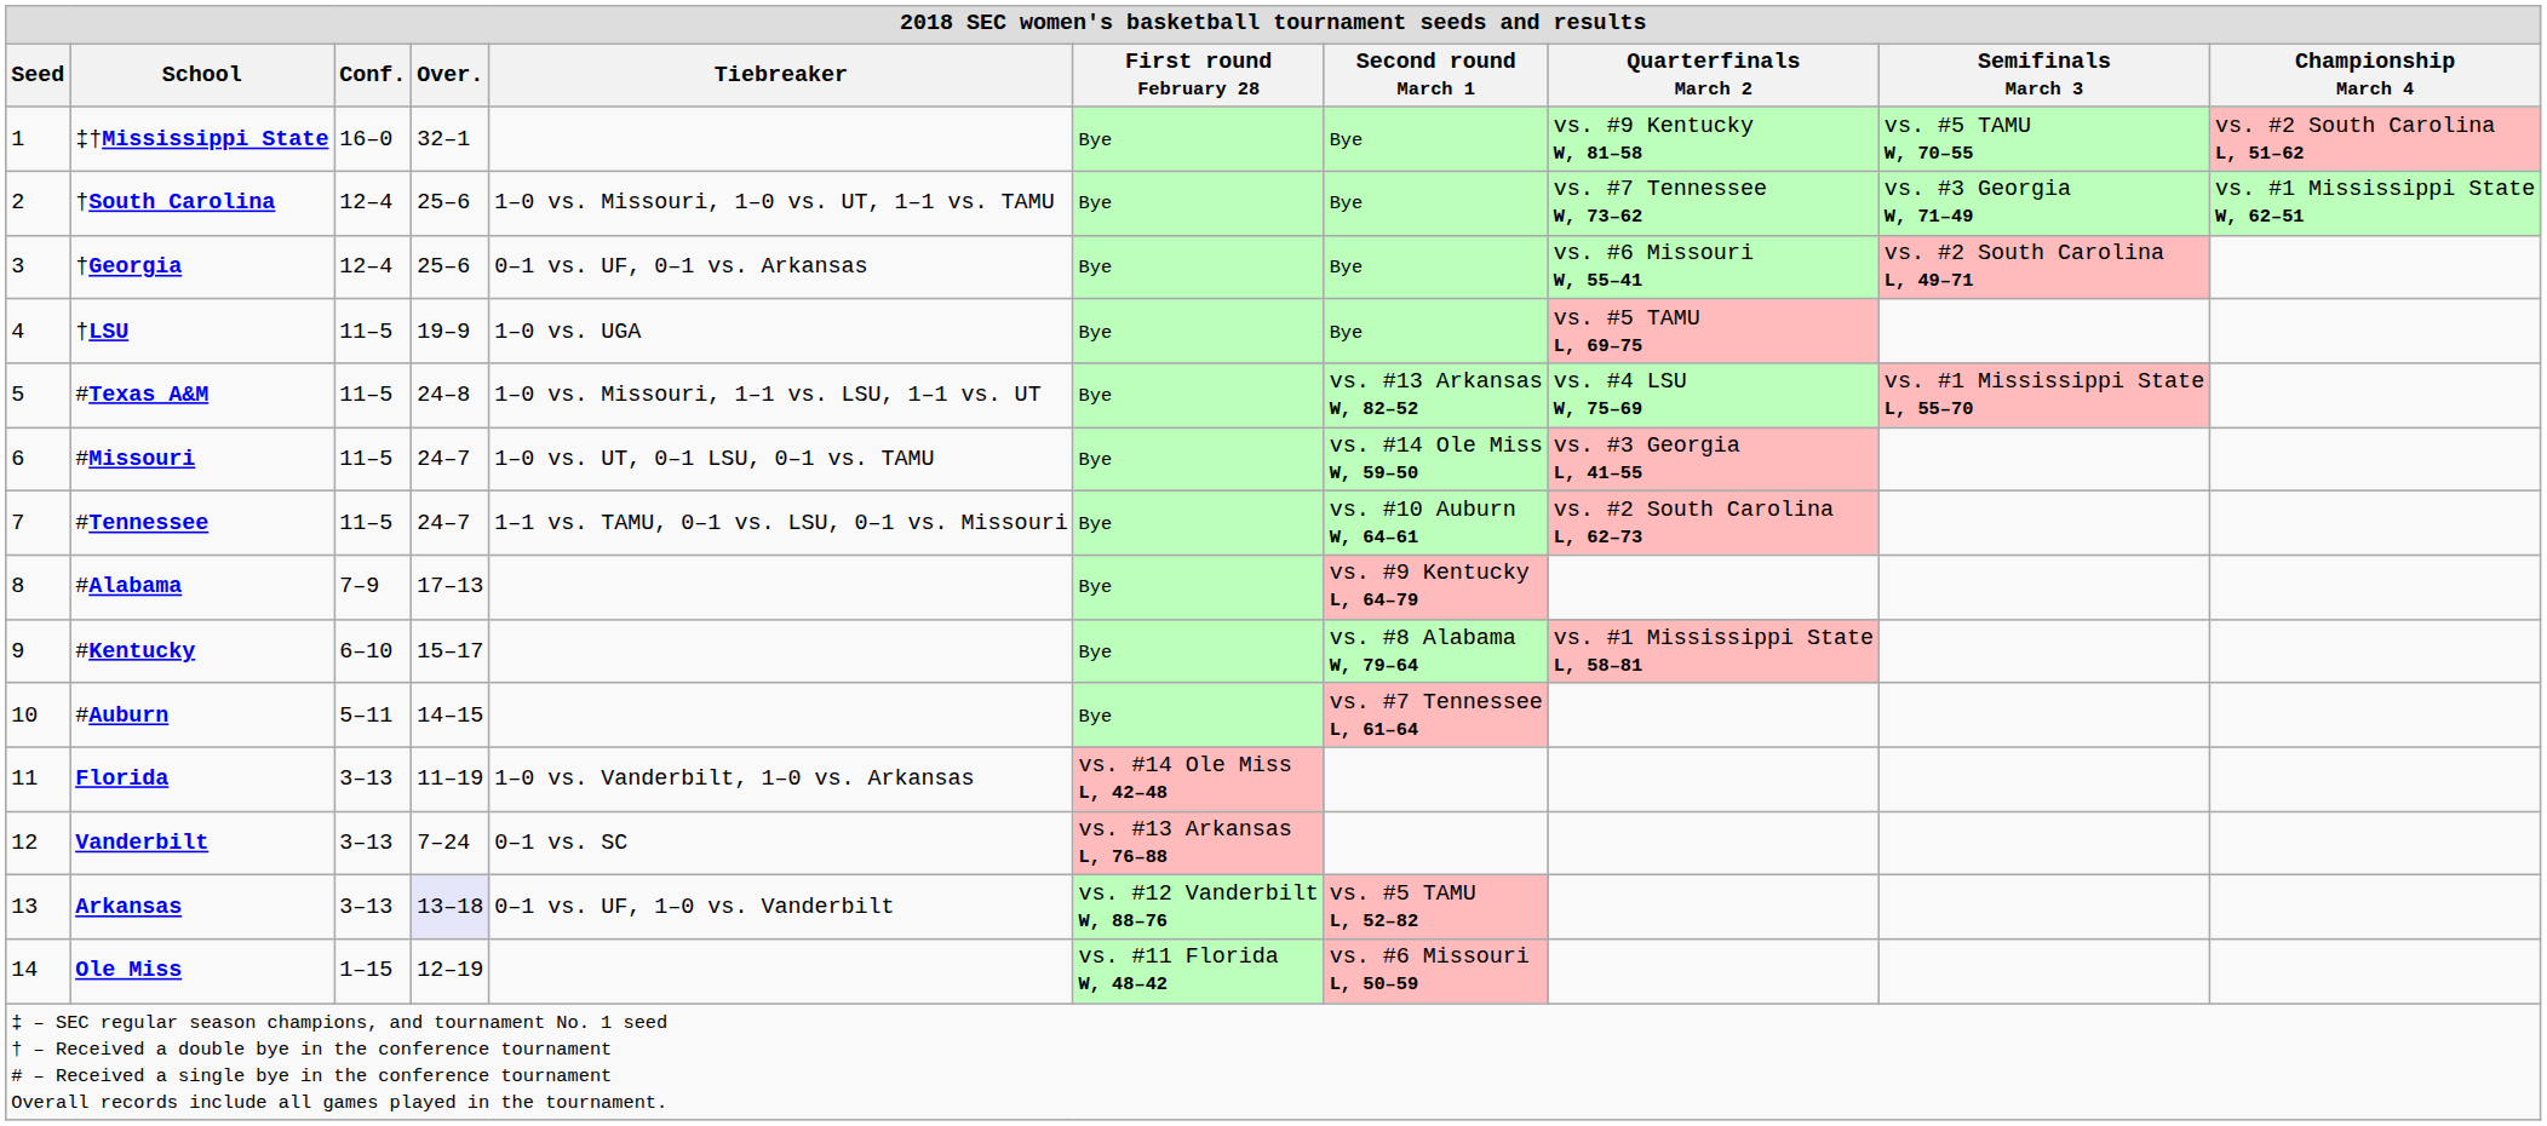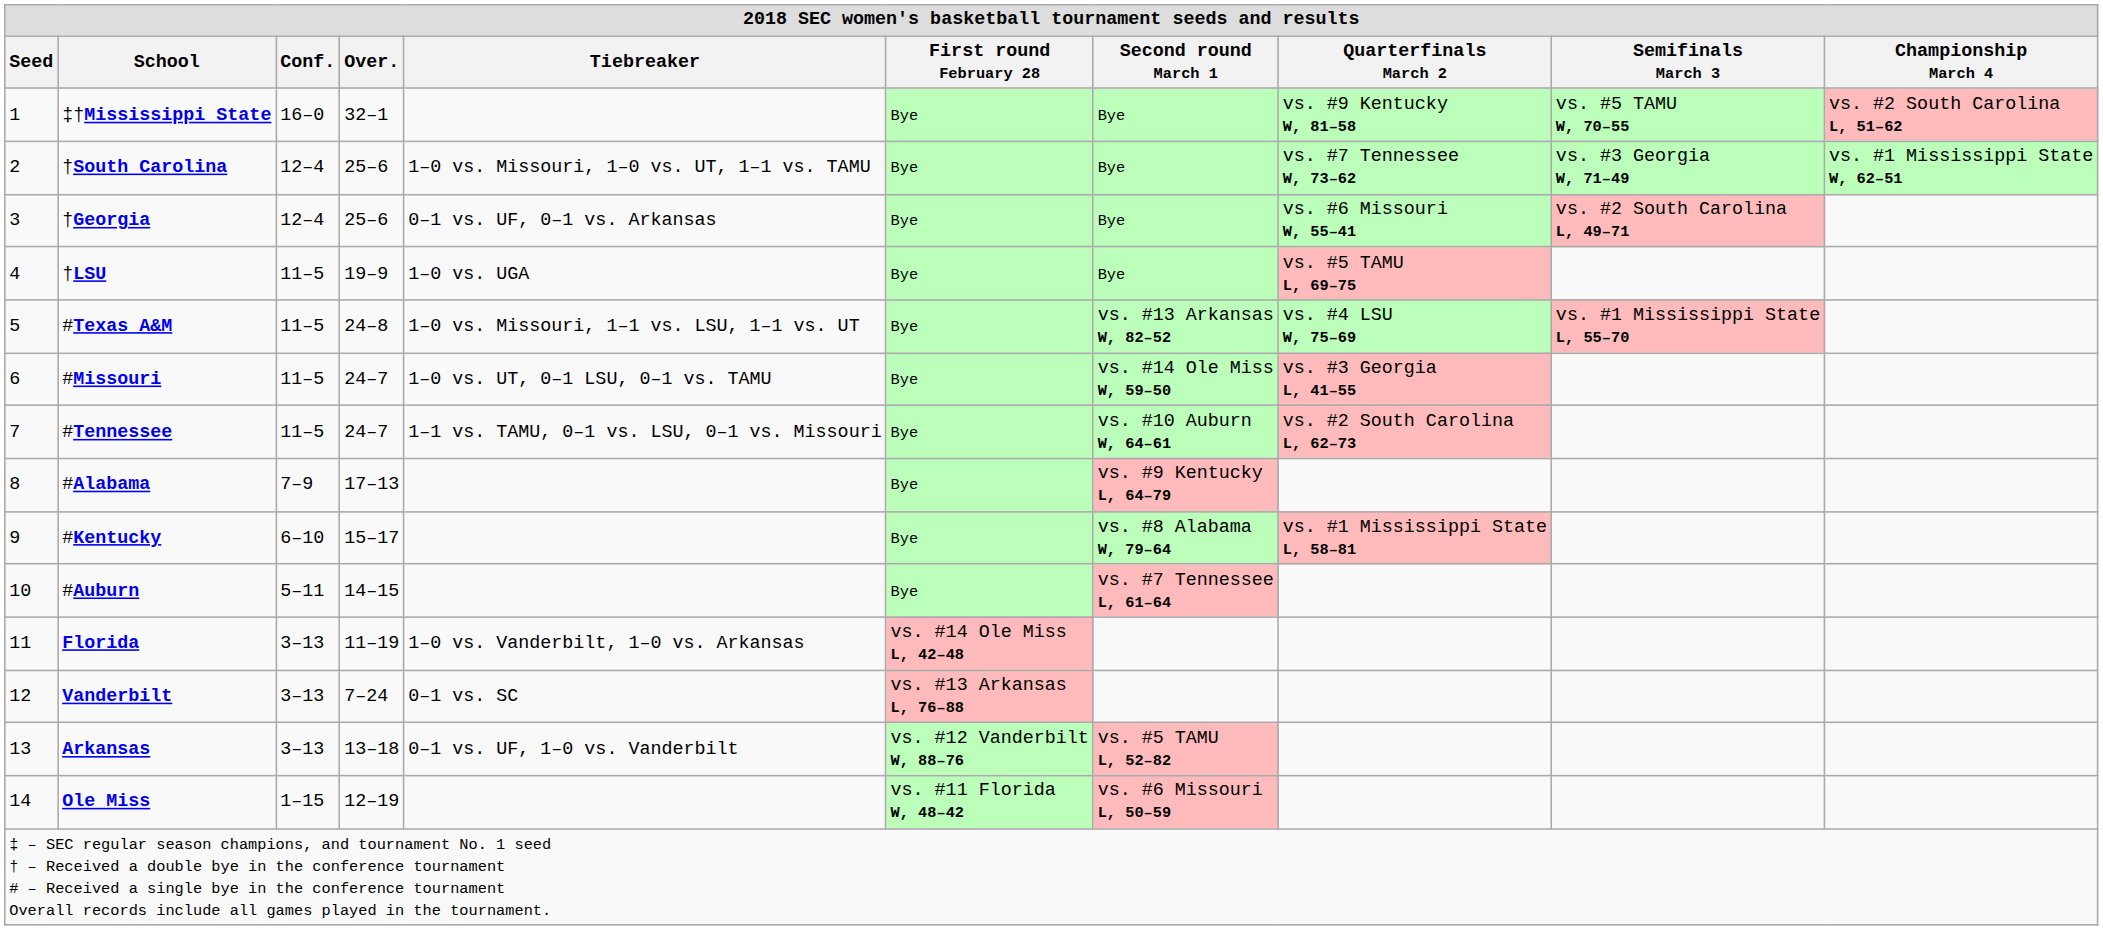 <table class="wikitable" style="white-space:nowrap; font-size:90%;">
 <tr>
 <td colspan="10" style="text-align:center; background:#DDDDDD; font:#000000"><strong>2018 SEC women's basketball tournament seeds and results</strong></td>
 </tr>
 <tr bgcolor="#efefef">
 <th>Seed</th>
 <th>School</th>
 <th>Conf.</th>
 <th>Over.</th>
 <th>Tiebreaker</th>
 <th>First round<br><small>February 28</small></th>
 <th>Second round<br><small>March 1</small></th>
 <th>Quarterfinals<br><small>March 2</small></th>
 <th>Semifinals<br><small>March 3</small></th>
 <th>Championship<br><small>March 4</small></th>
 </tr>
 <tr>
 <td>1</td>
 <td>‡†<strong><a href='#'>Mississippi State</a></strong></td>
 <td>16–0</td>
 <td>32–1</td>
 <td></td>
 <td style="background:#bfb;"><small>Bye</small></td>
 <td style="background:#bfb;"><small>Bye</small></td>
 <td style="background:#bfb;">vs. #9 Kentucky<br><small><strong>W, 81–58</strong></small></td>
 <td style="background:#bfb;">vs. #5 TAMU<br><small><strong>W, 70–55</strong></small></td>
 <td style="background:#fbb;">vs. #2 South Carolina<br><small><strong>L, 51–62</strong></small></td>
 </tr>
 <tr>
 <td>2</td>
 <td>†<strong><a href='#'>South Carolina</a> </strong></td>
 <td>12–4</td>
 <td>25–6</td>
 <td>1–0 vs. Missouri, 1–0 vs. UT, 1–1 vs. TAMU</td>
 <td style="background:#bfb;"><small>Bye</small></td>
 <td style="background:#bfb;"><small>Bye</small></td>
 <td style="background:#bfb;">vs. #7 Tennessee<br><small><strong>W, 73–62</strong></small></td>
 <td style="background:#bfb;">vs. #3 Georgia<br><small><strong>W, 71–49</strong></small></td>
 <td style="background:#bfb;">vs. #1 Mississippi State<br><small><strong>W, 62–51</strong></small></td>
 </tr>
 <tr>
 <td>3</td>
 <td>†<strong><a href='#'>Georgia</a></strong></td>
 <td>12–4</td>
 <td>25–6</td>
 <td>0–1 vs. UF, 0–1 vs. Arkansas</td>
 <td style="background:#bfb;"><small>Bye</small></td>
 <td style="background:#bfb;"><small>Bye</small></td>
 <td style="background:#bfb;">vs. #6 Missouri<br><small><strong>W, 55–41</strong></small></td>
 <td style="background:#fbb;">vs. #2 South Carolina<br><small><strong>L, 49–71</strong></small></td>
 <td></td>
 </tr>
 <tr>
 <td>4</td>
 <td>†<strong><a href='#'>LSU</a></strong></td>
 <td>11–5</td>
 <td>19–9</td>
 <td>1–0 vs. UGA</td>
 <td style="background:#bfb;"><small>Bye</small></td>
 <td style="background:#bfb;"><small>Bye</small></td>
 <td style="background:#fbb;">vs. #5 TAMU<br><small><strong>L, 69–75</strong></small></td>
 <td></td>
 <td></td>
 </tr>
 <tr>
 <td>5</td>
 <td>#<strong><a href='#'>Texas A&M</a></strong></td>
 <td>11–5</td>
 <td>24–8</td>
 <td>1–0 vs. Missouri, 1–1 vs. LSU, 1–1 vs. UT</td>
 <td style="background:#bfb;"><small>Bye</small></td>
 <td style="background:#bfb;">vs. #13 Arkansas<br><small><strong>W, 82–52</strong></small></td>
 <td style="background:#bfb;">vs. #4 LSU<br><small><strong>W, 75–69</strong></small></td>
 <td style="background:#fbb;">vs. #1 Mississippi State<br><small><strong>L, 55–70</strong></small></td>
 <td></td>
 </tr>
 <tr>
 <td>6</td>
 <td>#<strong><a href='#'>Missouri</a></strong></td>
 <td>11–5</td>
 <td>24–7</td>
 <td>1–0 vs. UT, 0–1 LSU, 0–1 vs. TAMU</td>
 <td style="background:#bfb;"><small>Bye</small></td>
 <td style="background:#bfb;">vs. #14 Ole Miss<br><small><strong>W, 59–50</strong></small></td>
 <td style="background:#fbb;">vs. #3 Georgia<br><small><strong>L, 41–55</strong></small></td>
 <td></td>
 <td></td>
 </tr>
 <tr>
 <td>7</td>
 <td>#<strong><a href='#'>Tennessee</a></strong></td>
 <td>11–5</td>
 <td>24–7</td>
 <td>1–1 vs. TAMU, 0–1 vs. LSU, 0–1 vs. Missouri</td>
 <td style="background:#bfb;"><small>Bye</small></td>
 <td style="background:#bfb;">vs. #10 Auburn<br><small><strong>W, 64–61</strong></small></td>
 <td style="background:#fbb;">vs. #2 South Carolina<br><small><strong>L, 62–73</strong></small></td>
 <td></td>
 <td></td>
 </tr>
 <tr>
 <td>8</td>
 <td>#<strong><a href='#'>Alabama</a></strong></td>
 <td>7–9</td>
 <td>17–13</td>
 <td></td>
 <td style="background:#bfb;"><small>Bye</small></td>
 <td style="background:#fbb;">vs. #9 Kentucky<br><small><strong>L, 64–79</strong></small></td>
 <td></td>
 <td></td>
 <td></td>
 </tr>
 <tr>
 <td>9</td>
 <td>#<strong><a href='#'>Kentucky</a></strong></td>
 <td>6–10</td>
 <td>15–17</td>
 <td></td>
 <td style="background:#bfb;"><small>Bye</small></td>
 <td style="background:#bfb;">vs. #8 Alabama<br><small><strong>W, 79–64</strong></small></td>
 <td style="background:#fbb;">vs. #1 Mississippi State<br><small><strong>L, 58–81</strong></small></td>
 <td></td>
 <td></td>
 </tr>
 <tr>
 <td>10</td>
 <td>#<strong><a href='#'>Auburn</a></strong></td>
 <td>5–11</td>
 <td>14–15</td>
 <td></td>
 <td style="background:#bfb;"><small>Bye</small></td>
 <td style="background:#fbb;">vs. #7 Tennessee<br><small><strong>L, 61–64</strong></small></td>
 <td></td>
 <td></td>
 <td></td>
 </tr>
 <tr>
 <td>11</td>
 <td><strong><a href='#'>Florida</a></strong></td>
 <td>3–13</td>
 <td>11–19</td>
 <td>1–0 vs. Vanderbilt, 1–0 vs. Arkansas</td>
 <td style="background:#fbb;">vs. #14 Ole Miss<br><small><strong>L, 42–48</strong></small></td>
 <td></td>
 <td></td>
 <td></td>
 <td></td>
 </tr>
 <tr>
 <td>12</td>
 <td><strong><a href='#'>Vanderbilt</a></strong></td>
 <td>3–13</td>
 <td>7–24</td>
 <td>0–1 vs. SC</td>
 <td style="background:#fbb;">vs. #13 Arkansas<br><small><strong>L, 76–88</strong></small></td>
 <td></td>
 <td></td>
 <td></td>
 <td></td>
 </tr>
 <tr>
 <td>13</td>
 <td><strong><a href='#'>Arkansas</a></strong></td>
 <td>3–13</td>
-<td style="background: lavender;">13–18</td>
+<td>13–18</td>
 <td>0–1 vs. UF, 1–0 vs. Vanderbilt</td>
 <td style="background:#bfb;">vs. #12 Vanderbilt<br><small><strong>W, 88–76</strong></small></td>
 <td style="background:#fbb;">vs. #5 TAMU<br><small><strong>L, 52–82</strong></small></td>
 <td></td>
 <td></td>
 <td></td>
 </tr>
 <tr>
 <td>14</td>
 <td><strong><a href='#'>Ole Miss</a></strong></td>
 <td>1–15</td>
 <td>12–19</td>
 <td></td>
 <td style="background:#bfb;">vs. #11 Florida<br><small><strong>W, 48–42</strong></small></td>
 <td style="background:#fbb;">vs. #6 Missouri<br><small><strong>L, 50–59</strong></small></td>
 <td></td>
 <td></td>
 <td></td>
 </tr>
 <tr>
 <td colspan="10" style="text-align:left;"><small>‡ – SEC regular season champions, and tournament No. 1 seed<br>† – Received a double bye in the conference tournament<br># – Received a single bye in the conference tournament<br>Overall records include all games played in the tournament.</small></td>
 </tr>
 </table>
